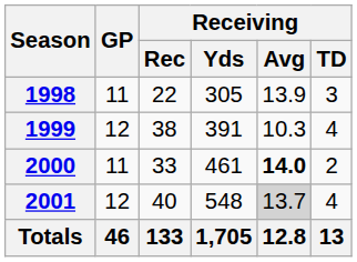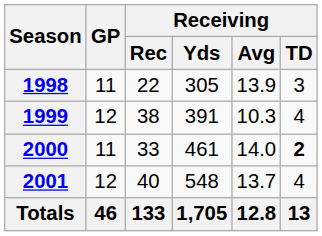 <table class="wikitable" style="text-align:center;">
 <tr>
 <th rowspan="2">Season</th>
 <th rowspan="2">GP</th>
 <th colspan="4">Receiving</th>
 </tr>
 <tr>
 <th>Rec</th>
 <th>Yds</th>
 <th>Avg</th>
 <th>TD</th>
 </tr>
 <tr>
 <th><a href='#'>1998</a></th>
 <td>11</td>
 <td>22</td>
 <td>305</td>
 <td>13.9</td>
 <td>3</td>
 </tr>
 <tr>
 <th><a href='#'>1999</a></th>
 <td>12</td>
 <td>38</td>
 <td>391</td>
 <td>10.3</td>
 <td>4</td>
 </tr>
 <tr>
 <th><a href='#'>2000</a></th>
 <td>11</td>
 <td>33</td>
 <td>461</td>
-<td><strong>14.0</strong></td>
-<td>2</td>
+<td>14.0</td>
+<td><strong>2</strong></td>
 </tr>
 <tr>
 <th><a href='#'>2001</a></th>
 <td>12</td>
 <td>40</td>
 <td>548</td>
-<td style="background: lightgrey;">13.7</td>
+<td>13.7</td>
 <td>4</td>
 </tr>
 <tr>
 <th>Totals</th>
 <th>46</th>
 <th>133</th>
 <th>1,705</th>
 <th>12.8</th>
 <th>13</th>
 </tr>
 </table>
